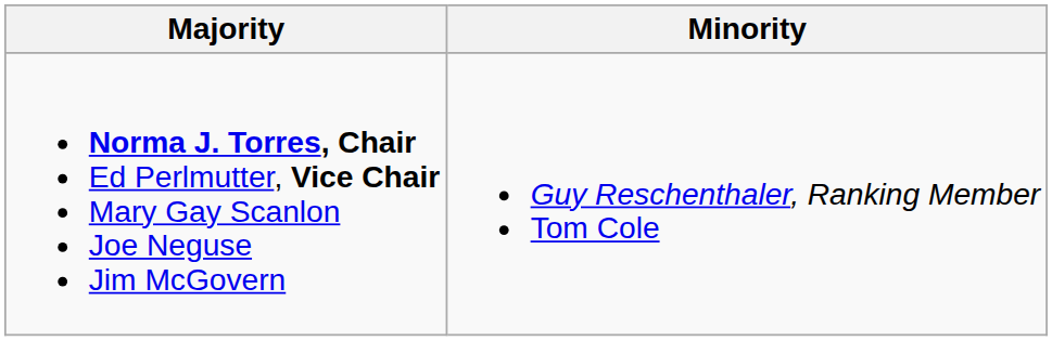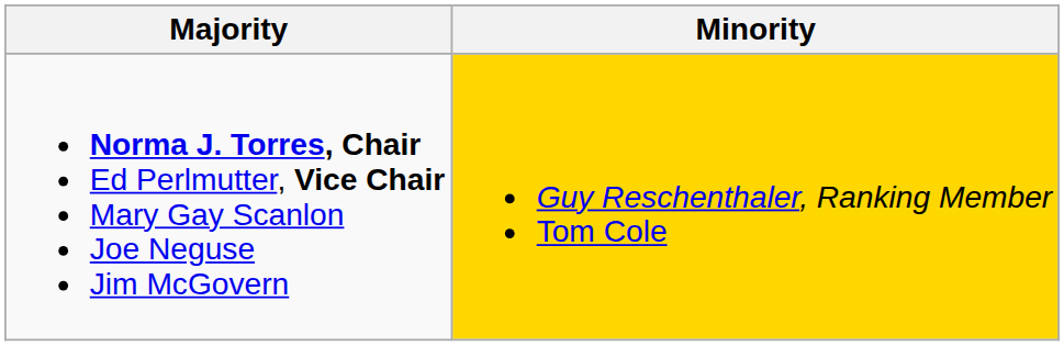 <table class="wikitable">
 <tr>
 <th>Majority</th>
 <th>Minority</th>
 </tr>
 <tr>
 <td><br><ul><li><strong><a href='#'>Norma J. Torres</a>, Chair</strong></li><li><a href='#'>Ed Perlmutter</a>, <strong>Vice Chair</strong></li><li><a href='#'>Mary Gay Scanlon</a></li><li><a href='#'>Joe Neguse</a></li><li><a href='#'>Jim McGovern</a></li></ul></td>
-<td><br><ul><li><em><a href='#'>Guy Reschenthaler</a>, Ranking Member</em></li><li><a href='#'>Tom Cole</a></li></ul></td>
+<td style="background: gold;"><br><ul><li><em><a href='#'>Guy Reschenthaler</a>, Ranking Member</em></li><li><a href='#'>Tom Cole</a></li></ul></td>
 </tr>
 </table>
